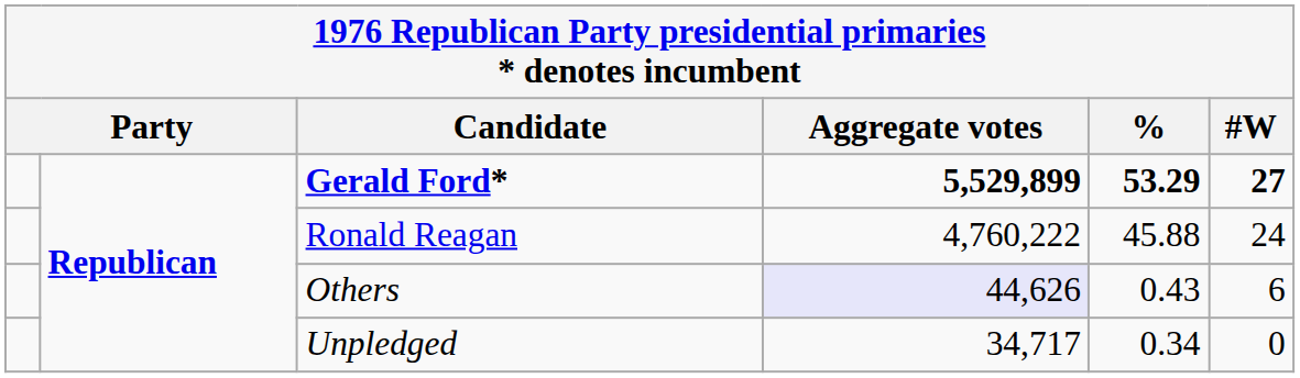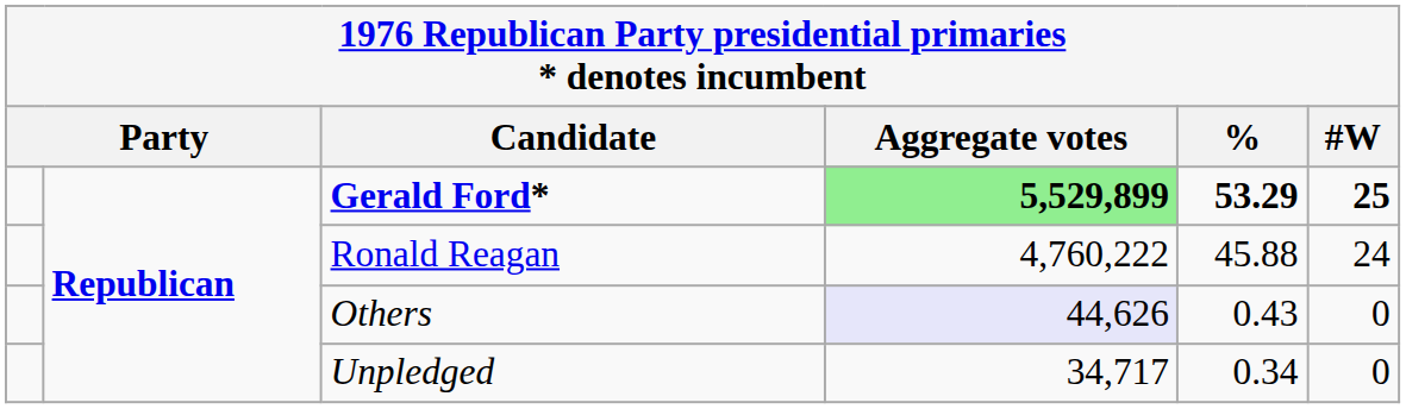 <table class="wikitable">
 <tr>
 <th colspan=6 style="background:#f5f5f5"><a href='#'>1976 Republican Party presidential primaries</a><br>* denotes incumbent</th>
 </tr>
 <tr>
 <th style="width: 8em;" colspan=2>Party</th>
 <th>Candidate</th>
 <th>Aggregate votes</th>
 <th>%</th>
 <th><abbr>#W</abbr></th>
 </tr>
 <tr>
 <td style="background-color: "></td>
 <td style="width: 7em;" rowspan=4><strong><a href='#'>Republican</a></strong></td>
 <td style="width: 13em;"><strong><a href='#'>Gerald Ford</a>*</strong></td>
-<td style="width: 9em; text-align:right"><strong>5,529,899</strong></td>
+<td style="background: lightgreen; width: 9em; text-align:right"><strong>5,529,899</strong></td>
 <td style="width: 3em; text-align:right"><strong>53.29</strong></td>
-<td style="width: 2em; text-align:right"><strong>27</strong></td>
+<td style="width: 2em; text-align:right"><strong>25</strong></td>
 </tr>
 <tr>
 <td style="background-color: "></td>
 <td><a href='#'>Ronald Reagan</a></td>
 <td style="text-align:right">4,760,222</td>
 <td style="text-align:right">45.88</td>
 <td style="text-align:right">24</td>
 </tr>
 <tr>
 <td style="background-color: "></td>
 <td><em>Others</em></td>
 <td style="background: lavender; text-align:right">44,626</td>
 <td style="text-align:right">0.43</td>
-<td style="text-align:right">6</td>
+<td style="text-align:right">0</td>
 </tr>
 <tr>
 <td style="background-color: "></td>
 <td><em>Unpledged</em></td>
 <td style="text-align:right">34,717</td>
 <td style="text-align:right">0.34</td>
 <td style="text-align:right">0</td>
 </tr>
 </table>
